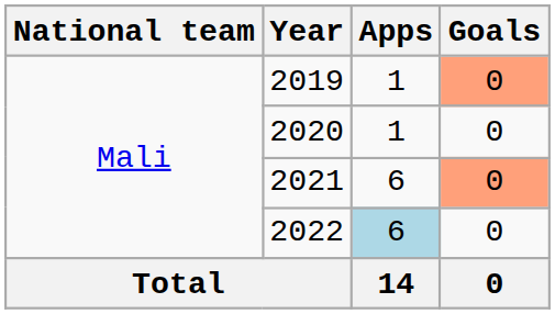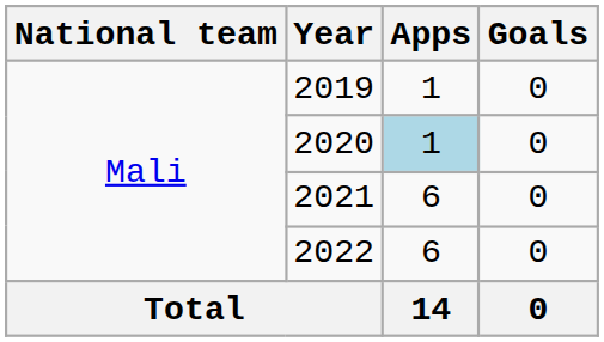 <table class="wikitable" style="text-align:center">
 <tr>
 <th>National team</th>
 <th>Year</th>
 <th>Apps</th>
 <th>Goals</th>
 </tr>
 <tr>
 <td rowspan="4"><a href='#'>Mali</a></td>
 <td>2019</td>
 <td>1</td>
-<td style="background: lightsalmon;">0</td>
+<td>0</td>
 </tr>
 <tr>
 <td>2020</td>
-<td>1</td>
+<td style="background: lightblue;">1</td>
 <td>0</td>
 </tr>
 <tr>
 <td>2021</td>
 <td>6</td>
-<td style="background: lightsalmon;">0</td>
+<td>0</td>
 </tr>
 <tr>
 <td>2022</td>
-<td style="background: lightblue;">6</td>
+<td>6</td>
 <td>0</td>
 </tr>
 <tr>
 <th colspan="2">Total</th>
 <th>14</th>
 <th>0</th>
 </tr>
 </table>
